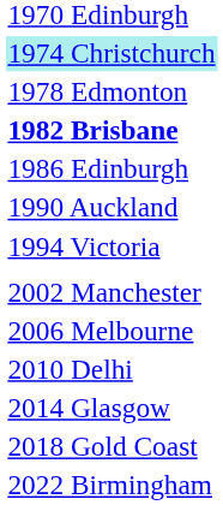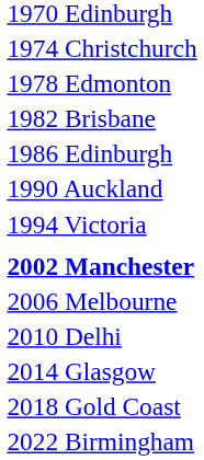 <table>
 <tr>
 <td><a href='#'>1970 Edinburgh</a></td>
 <td></td>
 <td></td>
 <td></td>
 </tr>
 <tr>
-<td style="background: paleturquoise;"><a href='#'>1974 Christchurch</a></td>
+<td><a href='#'>1974 Christchurch</a></td>
 <td></td>
 <td></td>
 <td></td>
 </tr>
 <tr>
 <td><a href='#'>1978 Edmonton</a></td>
 <td></td>
 <td></td>
 <td></td>
 </tr>
 <tr>
-<td><strong><a href='#'>1982 Brisbane</a></strong></td>
+<td><a href='#'>1982 Brisbane</a></td>
 <td></td>
 <td></td>
 <td></td>
 </tr>
 <tr>
 <td><a href='#'>1986 Edinburgh</a></td>
 <td></td>
 <td></td>
 <td></td>
 </tr>
 <tr>
 <td><a href='#'>1990 Auckland</a></td>
 <td></td>
 <td></td>
 <td></td>
 </tr>
 <tr>
 <td><a href='#'>1994 Victoria</a></td>
 <td></td>
 <td></td>
 <td></td>
 </tr>
 <tr>
 <td></td>
 <td></td>
 <td></td>
 <td></td>
 </tr>
 <tr>
-<td><a href='#'>2002 Manchester</a><br></td>
+<td><strong><a href='#'>2002 Manchester</a><br></strong></td>
 <td></td>
 <td></td>
 <td></td>
 </tr>
 <tr>
 <td><a href='#'>2006 Melbourne</a><br></td>
 <td></td>
 <td></td>
 <td></td>
 </tr>
 <tr>
 <td><a href='#'>2010 Delhi</a><br></td>
 <td></td>
 <td></td>
 <td></td>
 </tr>
 <tr>
 <td><a href='#'>2014 Glasgow</a><br></td>
 <td></td>
 <td></td>
 <td></td>
 </tr>
 <tr>
 <td><a href='#'>2018 Gold Coast</a><br></td>
 <td></td>
 <td></td>
 <td></td>
 </tr>
 <tr>
 <td><a href='#'>2022 Birmingham</a><br></td>
 <td></td>
 <td></td>
 <td></td>
 </tr>
 </table>
